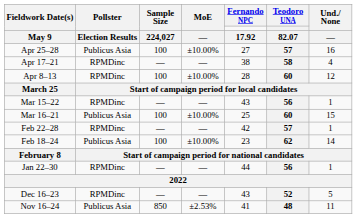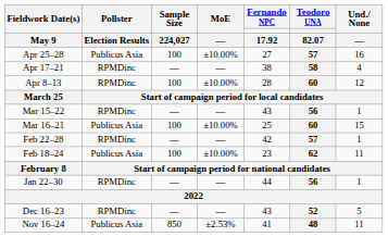 <table class="wikitable" style="text-align:center;font-size:85%;line-height:14px">
 <tr>
 <th rowspan="2">Fieldwork Date(s)</th>
 <th rowspan="2">Pollster</th>
 <th rowspan="2" style="width:60px;">Sample Size</th>
 <th rowspan="2" style="width:60px;">MoE</th>
 <th style="width:60px;"><a href='#'>Fernando</a><br><a href='#'><small>NPC</small></a></th>
 <th style="width:60px;"><a href='#'>Teodoro</a><br><a href='#'><small>UNA</small></a></th>
 <th rowspan="2" style="width:60px;">Und./<br>None</th>
 </tr>
 <tr>
 <td style="background:"></td>
 <th style="background:"></th>
 </tr>
 <tr>
 <th>May 9</th>
 <th>Election Results</th>
 <th>224,027</th>
 <th>—</th>
 <th>17.92</th>
 <th style="background-color:#">82.07</th>
 <th>—</th>
 </tr>
 <tr>
 <td>Apr 25–28</td>
 <td>Publicus Asia</td>
 <td>100</td>
 <td>±10.00%</td>
 <td>27</td>
 <th style="background-color:#">57</th>
 <td>16</td>
 </tr>
 <tr>
 <td>Apr 17–21</td>
 <td>RPMDinc</td>
 <td>—</td>
 <td>—</td>
 <td>38</td>
 <th style="background-color:#"><strong>58</strong></th>
 <td>4</td>
 </tr>
 <tr>
 <td>Apr 8–13</td>
 <td>RPMDinc</td>
 <td>100</td>
 <td>±10.00%</td>
 <td>28</td>
 <th style="background-color:#"><strong>60</strong></th>
 <td>12</td>
 </tr>
 <tr>
 <th>March 25</th>
 <th colspan="6">Start of campaign period for local candidates</th>
 </tr>
 <tr>
 <td>Mar 15–22</td>
 <td>RPMDinc</td>
 <td>—</td>
 <td>—</td>
 <td>43</td>
 <th style="background-color:#"><strong>56</strong></th>
 <td>1</td>
 </tr>
 <tr>
 <td>Mar 16–21</td>
 <td>Publicus Asia</td>
 <td>100</td>
 <td>±10.00%</td>
 <td>25</td>
 <th style="background-color:#"><strong>60</strong></th>
 <td>15</td>
 </tr>
 <tr>
 <td>Feb 22–28</td>
 <td>RPMDinc</td>
 <td>—</td>
 <td>—</td>
 <td>42</td>
 <th style="background-color:#"><strong>57</strong></th>
 <td>1</td>
 </tr>
 <tr>
 <td>Feb 18–24</td>
 <td>Publicus Asia</td>
 <td>100</td>
 <td>±10.00%</td>
 <td>23</td>
 <th style="background-color:#"><strong>62</strong></th>
-<td>14</td>
+<td>11</td>
 </tr>
 <tr>
 <th>February 8</th>
 <th colspan="6">Start of campaign period for national candidates</th>
 </tr>
 <tr>
 <td>Jan 22–30</td>
 <td>RPMDinc</td>
 <td>—</td>
 <td>—</td>
 <td>44</td>
 <th style="background-color:#"><strong>56</strong></th>
 <td>1</td>
 </tr>
 <tr>
 <th colspan="7">2022</th>
 </tr>
 <tr>
 <td>Dec 16–23</td>
 <td>RPMDinc</td>
 <td>—</td>
 <td>—</td>
 <td>43</td>
 <th style="background-color:#"><strong>52</strong></th>
 <td>5</td>
 </tr>
 <tr>
 <td>Nov 16–24</td>
 <td>Publicus Asia</td>
 <td>850</td>
 <td>±2.53%</td>
 <td>41</td>
 <th style="background-color:#"><strong>48</strong></th>
 <td>11</td>
 </tr>
 </table>
